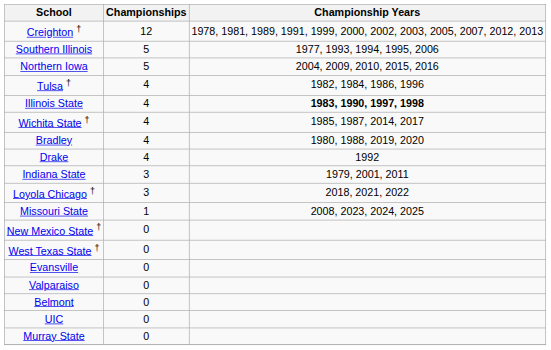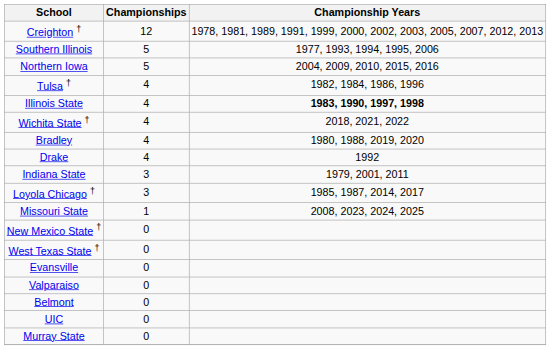 <table class="wikitable sortable" style="text-align:center">
 <tr>
 <th width=px>School</th>
 <th width=px>Championships</th>
 <th width=px>Championship Years</th>
 </tr>
 <tr>
 <td><a href='#'>Creighton</a> <sup>†</sup></td>
 <td>12</td>
 <td>1978, 1981, 1989, 1991, 1999, 2000, 2002, 2003, 2005, 2007, 2012, 2013</td>
 </tr>
 <tr>
 <td><a href='#'>Southern Illinois</a></td>
 <td>5</td>
 <td>1977, 1993, 1994, 1995, 2006</td>
 </tr>
 <tr>
 <td><a href='#'>Northern Iowa</a></td>
 <td>5</td>
 <td>2004, 2009, 2010, 2015, 2016</td>
 </tr>
 <tr>
 <td><a href='#'>Tulsa</a> <sup>†</sup></td>
 <td>4</td>
 <td>1982, 1984, 1986, 1996</td>
 </tr>
 <tr>
 <td><a href='#'>Illinois State</a></td>
 <td>4</td>
 <td><strong>1983, 1990, 1997, 1998</strong></td>
 </tr>
 <tr>
 <td><a href='#'>Wichita State</a> <sup>†</sup></td>
 <td>4</td>
-<td>1985, 1987, 2014, 2017</td>
+<td>2018, 2021, 2022</td>
 </tr>
 <tr>
 <td><a href='#'>Bradley</a></td>
 <td>4</td>
 <td>1980, 1988, 2019, 2020</td>
 </tr>
 <tr>
 <td><a href='#'>Drake</a></td>
 <td>4</td>
 <td>1992</td>
 </tr>
 <tr>
 <td><a href='#'>Indiana State</a></td>
 <td>3</td>
 <td>1979, 2001, 2011</td>
 </tr>
 <tr>
 <td><a href='#'>Loyola Chicago</a> <sup>†</sup></td>
 <td>3</td>
-<td>2018, 2021, 2022</td>
+<td>1985, 1987, 2014, 2017</td>
 </tr>
 <tr>
 <td><a href='#'>Missouri State</a></td>
 <td>1</td>
 <td>2008, 2023, 2024, 2025</td>
 </tr>
 <tr>
 <td><a href='#'>New Mexico State</a> <sup>†</sup></td>
 <td>0</td>
 <td></td>
 </tr>
 <tr>
 <td><a href='#'>West Texas State</a> <sup>†</sup></td>
 <td>0</td>
 <td></td>
 </tr>
 <tr>
 <td><a href='#'>Evansville</a></td>
 <td>0</td>
 <td></td>
 </tr>
 <tr>
 <td><a href='#'>Valparaiso</a></td>
 <td>0</td>
 <td></td>
 </tr>
 <tr>
 <td><a href='#'>Belmont</a></td>
 <td>0</td>
 <td></td>
 </tr>
 <tr>
 <td><a href='#'>UIC</a></td>
 <td>0</td>
 <td></td>
 </tr>
 <tr>
 <td><a href='#'>Murray State</a></td>
 <td>0</td>
 <td></td>
 </tr>
 <tr>
 </tr>
 </table>
